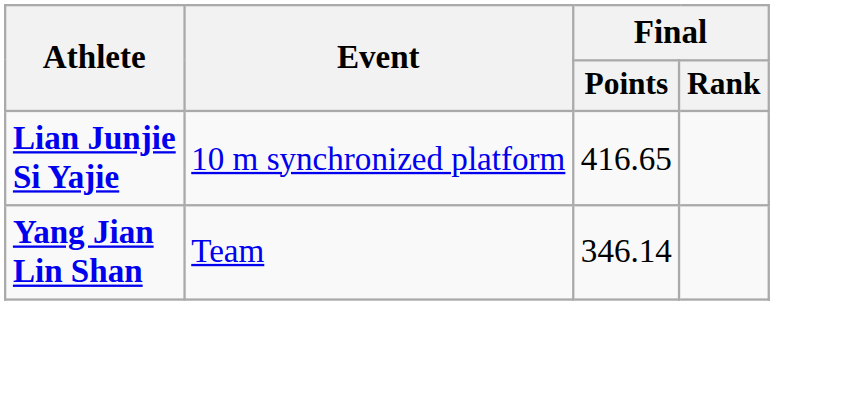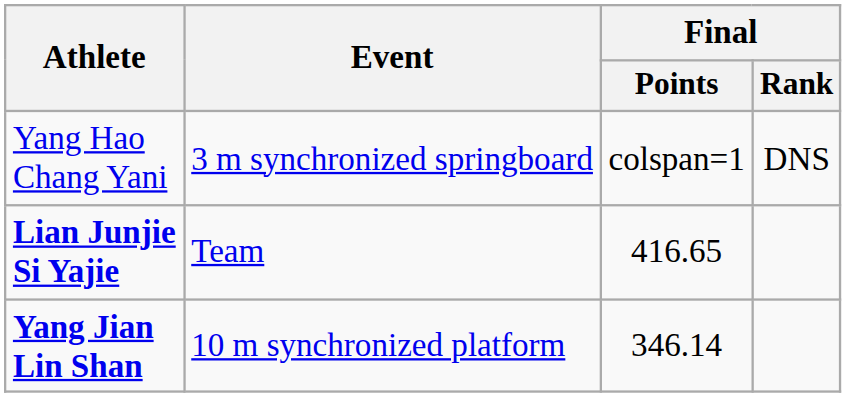 <table class="wikitable" style="text-align:center; font-size:90%">
 <tr>
 <th rowspan=2>Athlete</th>
 <th rowspan=2>Event</th>
 <th colspan=2>Final</th>
 </tr>
 <tr style="font-size:95%">
 <th>Points</th>
 <th>Rank</th>
 </tr>
 <tr>
+<td align=left><a href='#'>Yang Hao</a><br><a href='#'>Chang Yani</a></td>
+<td align=left><a href='#'>3 m synchronized springboard</a></td>
+<td>colspan=1 </td>
+<td>DNS</td>
+</tr>
+<tr>
 <td align=left><strong><a href='#'>Lian Junjie</a><br><a href='#'>Si Yajie</a></strong></td>
-<td align=left><a href='#'>10 m synchronized platform</a></td>
+<td align=left><a href='#'>Team</a></td>
 <td>416.65</td>
 <td></td>
 </tr>
 <tr>
 <td align=left><strong><a href='#'>Yang Jian</a><br><a href='#'>Lin Shan</a></strong></td>
-<td align=left><a href='#'>Team</a></td>
+<td align=left><a href='#'>10 m synchronized platform</a></td>
 <td>346.14</td>
 <td></td>
 </tr>
 </table>
